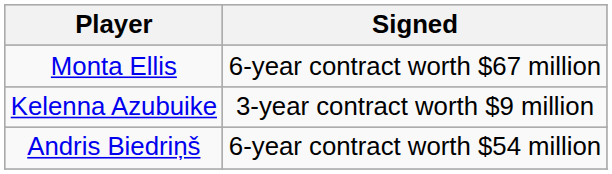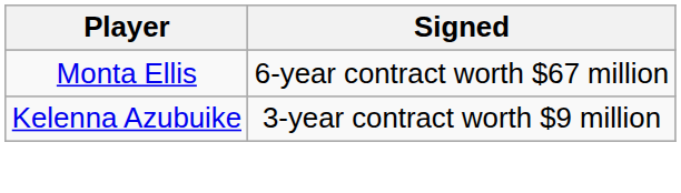 <table class="wikitable sortable sortable">
 <tr>
 <th>Player</th>
 <th>Signed</th>
 </tr>
 <tr style="text-align: center">
 <td><a href='#'>Monta Ellis</a></td>
 <td>6-year contract worth $67 million</td>
 </tr>
 <tr style="text-align: center">
 <td><a href='#'>Kelenna Azubuike</a></td>
 <td>3-year contract worth $9 million</td>
 </tr>
-<tr style="text-align: center">
-<td><a href='#'>Andris Biedriņš</a></td>
-<td>6-year contract worth $54 million</td>
-</tr>
 </table>
